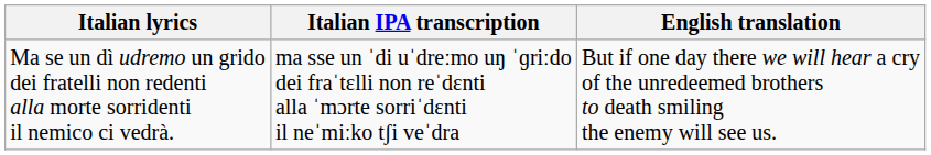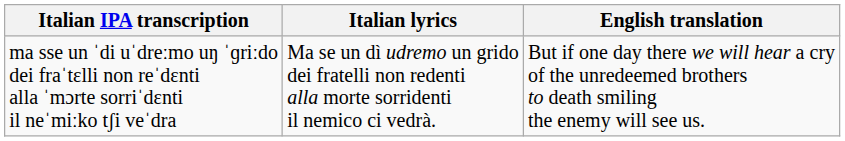 <table class="wikitable">
 <tr>
+<th>Italian <a href='#'>IPA</a> transcription</th>
 <th>Italian lyrics</th>
-<th>Italian <a href='#'>IPA</a> transcription</th>
 <th>English translation</th>
 </tr>
 <tr style="vertical-align:top; white-space:nowrap;">
+<td>ma sse un ˈdi uˈdreːmo uŋ ˈɡriːdo<br>dei fraˈtɛlli non reˈdɛnti<br>alla ˈmɔrte sorriˈdɛnti<br>il neˈmiːko tʃi veˈdra</td>
 <td>Ma se un dì <em>udremo</em> un grido<br>dei fratelli non redenti<br><em>alla</em> morte sorridenti<br>il nemico ci vedrà.</td>
-<td>ma sse un ˈdi uˈdreːmo uŋ ˈɡriːdo<br>dei fraˈtɛlli non reˈdɛnti<br>alla ˈmɔrte sorriˈdɛnti<br>il neˈmiːko tʃi veˈdra</td>
 <td>But if one day there <em>we will hear</em> a cry<br>of the unredeemed brothers<br><em>to</em> death smiling<br>the enemy will see us.</td>
 </tr>
 </table>
